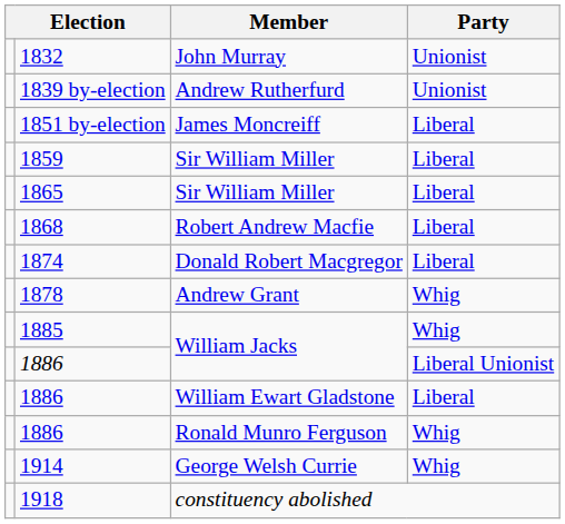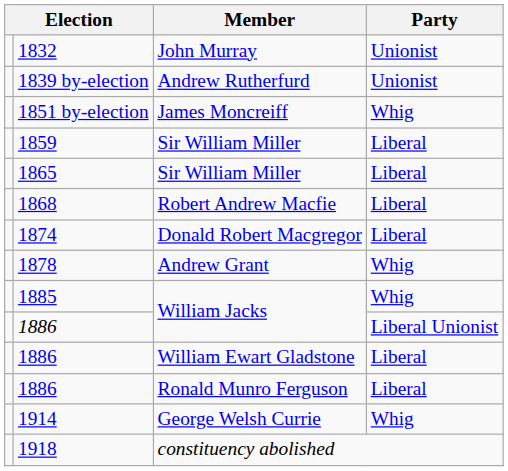 <table class="wikitable">
 <tr>
 <th colspan="2">Election</th>
 <th>Member </th>
 <th>Party</th>
 </tr>
 <tr>
 <td style="color:inherit;background-color: "></td>
 <td><a href='#'>1832</a></td>
 <td><a href='#'>John Murray</a></td>
 <td><a href='#'>Unionist</a></td>
 </tr>
 <tr>
 <td style="color:inherit;background-color: "></td>
 <td><a href='#'>1839 by-election</a></td>
 <td><a href='#'>Andrew Rutherfurd</a></td>
 <td><a href='#'>Unionist</a></td>
 </tr>
 <tr>
 <td style="color:inherit;background-color: "></td>
 <td><a href='#'>1851 by-election</a></td>
 <td><a href='#'>James Moncreiff</a></td>
-<td><a href='#'>Liberal</a></td>
+<td><a href='#'>Whig</a></td>
 </tr>
 <tr>
 <td style="color:inherit;background-color: "></td>
 <td><a href='#'>1859</a></td>
 <td><a href='#'>Sir William Miller</a></td>
 <td><a href='#'>Liberal</a></td>
 </tr>
 <tr>
 <td style="color:inherit;background-color: "></td>
 <td><a href='#'>1865</a></td>
 <td><a href='#'>Sir William Miller</a></td>
 <td><a href='#'>Liberal</a></td>
 </tr>
 <tr>
 <td style="color:inherit;background-color: "></td>
 <td><a href='#'>1868</a></td>
 <td><a href='#'>Robert Andrew Macfie</a></td>
 <td><a href='#'>Liberal</a></td>
 </tr>
 <tr>
 <td style="color:inherit;background-color: "></td>
 <td><a href='#'>1874</a></td>
 <td><a href='#'>Donald Robert Macgregor</a></td>
 <td><a href='#'>Liberal</a></td>
 </tr>
 <tr>
 <td style="color:inherit;background-color: "></td>
 <td><a href='#'>1878</a></td>
 <td><a href='#'>Andrew Grant</a></td>
 <td><a href='#'>Whig</a></td>
 </tr>
 <tr>
 <td style="color:inherit;background-color: "></td>
 <td><a href='#'>1885</a></td>
 <td rowspan="2"><a href='#'>William Jacks</a></td>
 <td><a href='#'>Whig</a></td>
 </tr>
 <tr>
 <td style="color:inherit;background-color: "></td>
 <td><em>1886</em></td>
 <td><a href='#'>Liberal Unionist</a></td>
 </tr>
 <tr>
 <td style="color:inherit;background-color: "></td>
 <td><a href='#'>1886</a></td>
 <td><a href='#'>William Ewart Gladstone</a></td>
 <td><a href='#'>Liberal</a></td>
 </tr>
 <tr>
 <td style="color:inherit;background-color: "></td>
 <td><a href='#'>1886</a></td>
 <td><a href='#'>Ronald Munro Ferguson</a></td>
-<td><a href='#'>Whig</a></td>
+<td><a href='#'>Liberal</a></td>
 </tr>
 <tr>
 <td style="color:inherit;background-color: "></td>
 <td><a href='#'>1914</a></td>
 <td><a href='#'>George Welsh Currie</a></td>
 <td><a href='#'>Whig</a></td>
 </tr>
 <tr>
 <td></td>
 <td><a href='#'>1918</a></td>
 <td colspan="2"><em>constituency abolished</em></td>
 </tr>
 </table>
